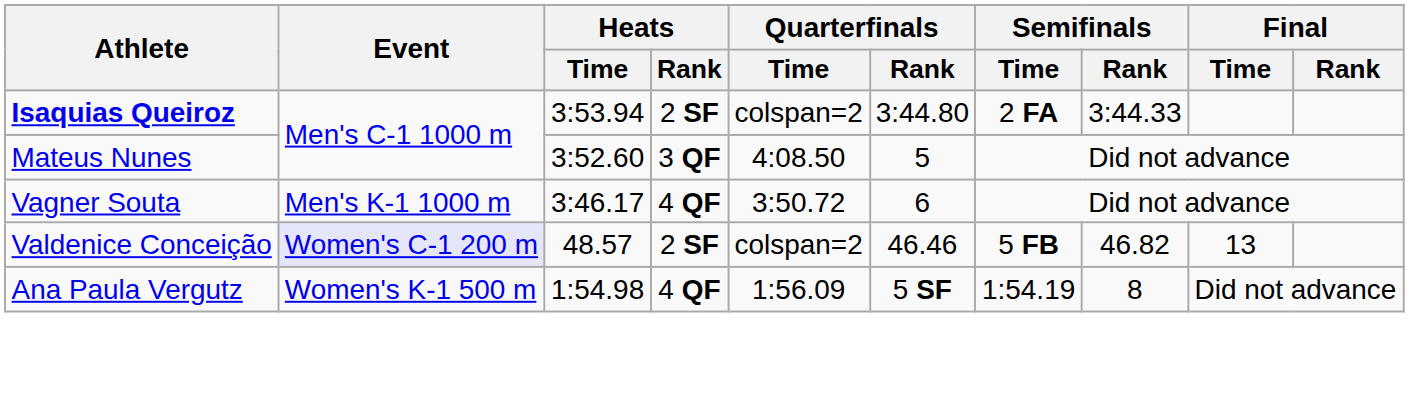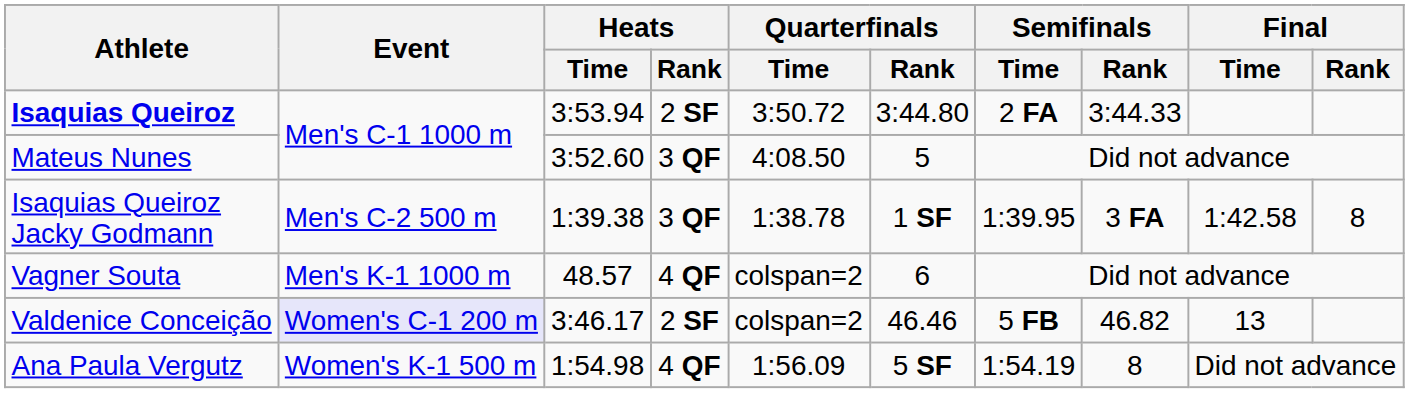 <table class=wikitable style="font-size:90%">
 <tr>
 <th rowspan="2">Athlete</th>
 <th rowspan="2">Event</th>
 <th colspan=2>Heats</th>
 <th colspan=2>Quarterfinals</th>
 <th colspan=2>Semifinals</th>
 <th colspan=2>Final</th>
 </tr>
 <tr style="font-size:95%">
 <th>Time</th>
 <th>Rank</th>
 <th>Time</th>
 <th>Rank</th>
 <th>Time</th>
 <th>Rank</th>
 <th>Time</th>
 <th>Rank</th>
 </tr>
 <tr align=center>
 <td align=left><strong><a href='#'>Isaquias Queiroz</a></strong></td>
 <td align=left rowspan=2><a href='#'>Men's C-1 1000 m</a></td>
 <td>3:53.94</td>
 <td>2 <strong>SF</strong></td>
-<td>colspan=2 </td>
+<td>3:50.72</td>
 <td>3:44.80</td>
 <td>2 <strong>FA</strong></td>
 <td>3:44.33</td>
 <td></td>
 </tr>
 <tr align=center>
 <td align=left><a href='#'>Mateus Nunes</a></td>
 <td>3:52.60</td>
 <td>3 <strong>QF</strong></td>
 <td>4:08.50</td>
 <td>5</td>
 <td colspan=4>Did not advance</td>
 </tr>
 <tr align=center>
+<td align=left><a href='#'>Isaquias Queiroz</a><br><a href='#'>Jacky Godmann</a></td>
+<td align=left><a href='#'>Men's C-2 500 m</a></td>
+<td>1:39.38</td>
+<td>3 <strong>QF</strong></td>
+<td>1:38.78</td>
+<td>1 <strong>SF</strong></td>
+<td>1:39.95</td>
+<td>3 <strong>FA</strong></td>
+<td>1:42.58</td>
+<td>8</td>
+</tr>
+<tr align=center>
 <td align=left><a href='#'>Vagner Souta</a></td>
 <td align=left><a href='#'>Men's K-1 1000 m</a></td>
-<td>3:46.17</td>
+<td>48.57</td>
 <td>4 <strong>QF</strong></td>
-<td>3:50.72</td>
+<td>colspan=2 </td>
 <td>6</td>
 <td colspan=4>Did not advance</td>
 </tr>
 <tr align=center>
 <td align=left><a href='#'>Valdenice Conceição</a></td>
 <td align=left style="background: lavender;"><a href='#'>Women's C-1 200 m</a></td>
-<td>48.57</td>
+<td>3:46.17</td>
 <td>2 <strong>SF</strong></td>
 <td>colspan=2 </td>
 <td>46.46</td>
 <td>5 <strong>FB</strong></td>
 <td>46.82</td>
 <td>13</td>
 </tr>
 <tr align=center>
 <td align=left><a href='#'>Ana Paula Vergutz</a></td>
 <td align=left><a href='#'>Women's K-1 500 m</a></td>
 <td>1:54.98</td>
 <td>4 <strong>QF</strong></td>
 <td>1:56.09</td>
 <td>5 <strong>SF</strong></td>
 <td>1:54.19</td>
 <td>8</td>
 <td colspan=2>Did not advance</td>
 </tr>
 </table>
